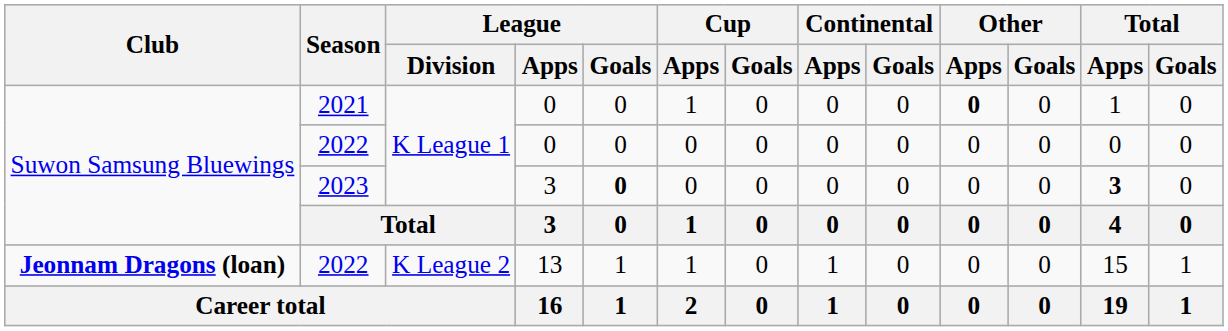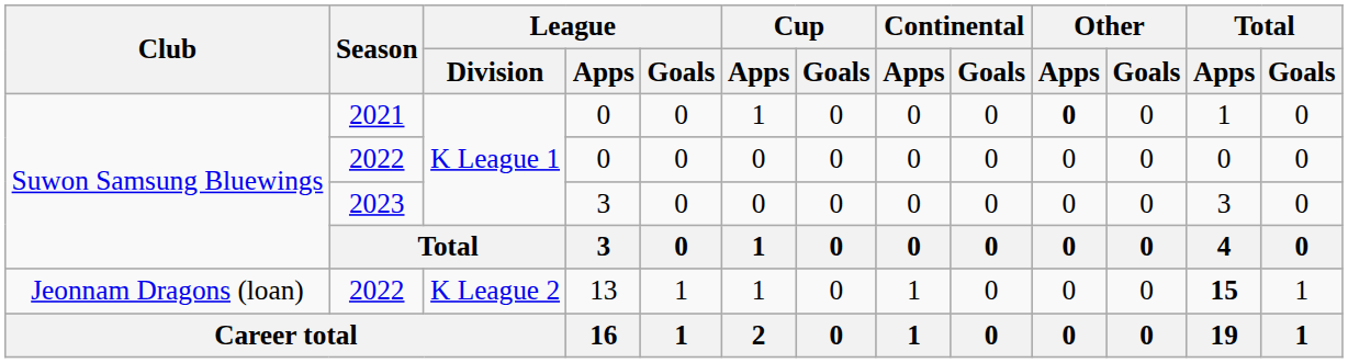 <table class=wikitable style=text-align:center>
 <tr>
 <th rowspan="2">Club</th>
 <th rowspan="2">Season</th>
 <th colspan="3">League</th>
 <th colspan="2">Cup</th>
 <th colspan="2">Continental</th>
 <th colspan="2">Other</th>
 <th colspan="2">Total</th>
 </tr>
 <tr>
 <th>Division</th>
 <th>Apps</th>
 <th>Goals</th>
 <th>Apps</th>
 <th>Goals</th>
 <th>Apps</th>
 <th>Goals</th>
 <th>Apps</th>
 <th>Goals</th>
 <th>Apps</th>
 <th>Goals</th>
 </tr>
 <tr>
 <td rowspan="4"><a href='#'>Suwon Samsung Bluewings</a></td>
 <td><a href='#'>2021</a></td>
 <td rowspan="3"><a href='#'>K League 1</a></td>
 <td>0</td>
 <td>0</td>
 <td>1</td>
 <td>0</td>
 <td>0</td>
 <td>0</td>
 <td><strong>0</strong></td>
 <td>0</td>
 <td>1</td>
 <td>0</td>
 </tr>
 <tr>
 <td><a href='#'>2022</a></td>
 <td>0</td>
 <td>0</td>
 <td>0</td>
 <td>0</td>
 <td>0</td>
 <td>0</td>
 <td>0</td>
 <td>0</td>
 <td>0</td>
 <td>0</td>
 </tr>
 <tr>
 <td><a href='#'>2023</a></td>
 <td>3</td>
-<td><strong>0</strong></td>
 <td>0</td>
 <td>0</td>
 <td>0</td>
 <td>0</td>
 <td>0</td>
 <td>0</td>
-<td><strong>3</strong></td>
+<td>0</td>
+<td>3</td>
 <td>0</td>
 </tr>
 <tr>
 <th colspan=2>Total</th>
 <th>3</th>
 <th>0</th>
 <th>1</th>
 <th>0</th>
 <th>0</th>
 <th>0</th>
 <th>0</th>
 <th>0</th>
 <th>4</th>
 <th>0</th>
 </tr>
 <tr>
-<td><strong><a href='#'>Jeonnam Dragons</a> (loan)</strong></td>
+<td><a href='#'>Jeonnam Dragons</a> (loan)</td>
 <td><a href='#'>2022</a></td>
 <td><a href='#'>K League 2</a></td>
 <td>13</td>
 <td>1</td>
 <td>1</td>
 <td>0</td>
 <td>1</td>
 <td>0</td>
 <td>0</td>
 <td>0</td>
-<td>15</td>
+<td><strong>15</strong></td>
 <td>1</td>
 </tr>
 <tr>
 <th colspan=3>Career total</th>
 <th>16</th>
 <th>1</th>
 <th>2</th>
 <th>0</th>
 <th>1</th>
 <th>0</th>
 <th>0</th>
 <th>0</th>
 <th>19</th>
 <th>1</th>
 </tr>
 </table>
